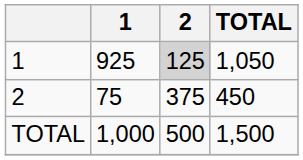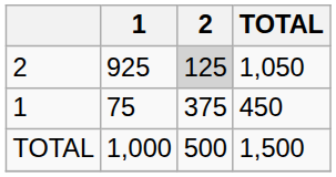 <table class="wikitable" style="margin:1em auto;">
 <tr>
 <th></th>
 <th>1</th>
 <th>2</th>
 <th>TOTAL</th>
 </tr>
 <tr>
-<td>1</td>
+<td>2</td>
 <td>925</td>
 <td style="background: lightgrey;">125</td>
 <td>1,050</td>
 </tr>
 <tr>
-<td>2</td>
+<td>1</td>
 <td>75</td>
 <td>375</td>
 <td>450</td>
 </tr>
 <tr>
 <td>TOTAL</td>
 <td>1,000</td>
 <td>500</td>
 <td>1,500</td>
 </tr>
 <tr>
 </tr>
 </table>
